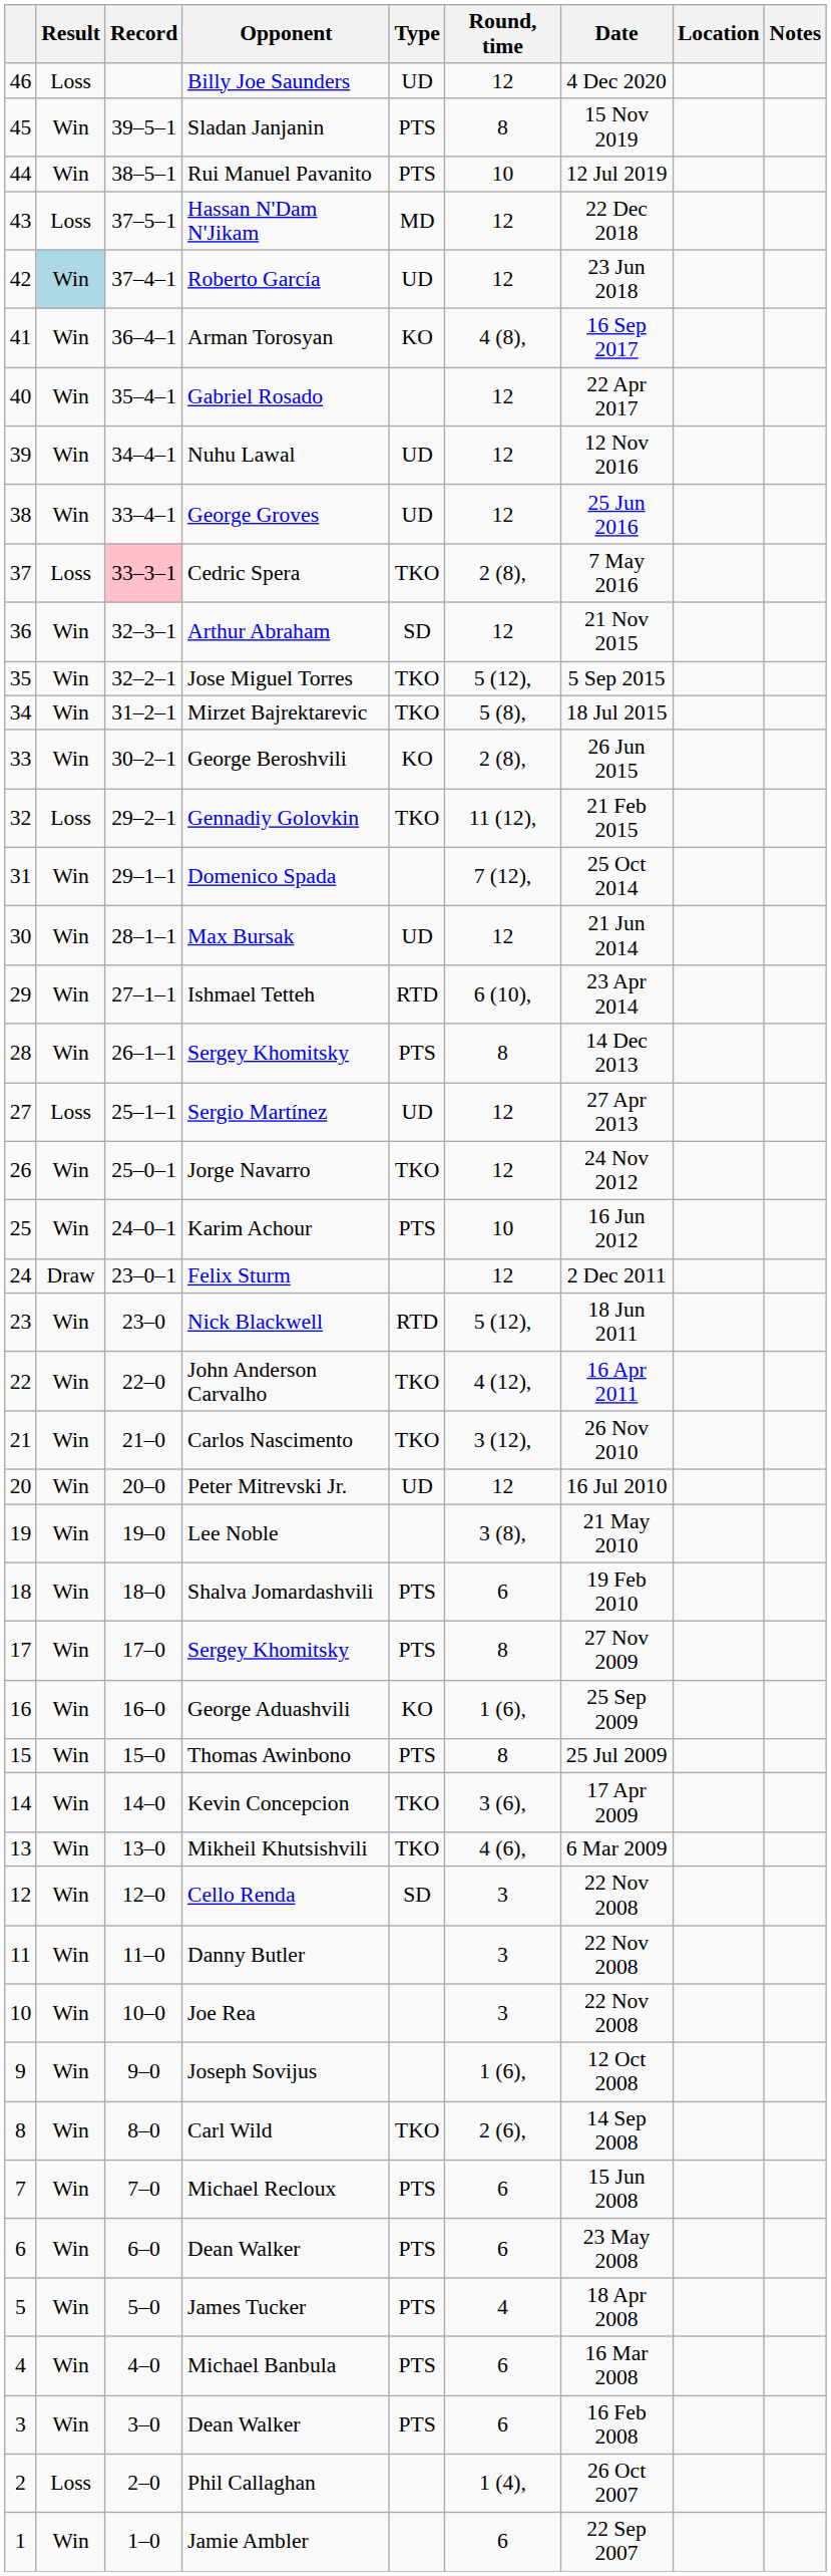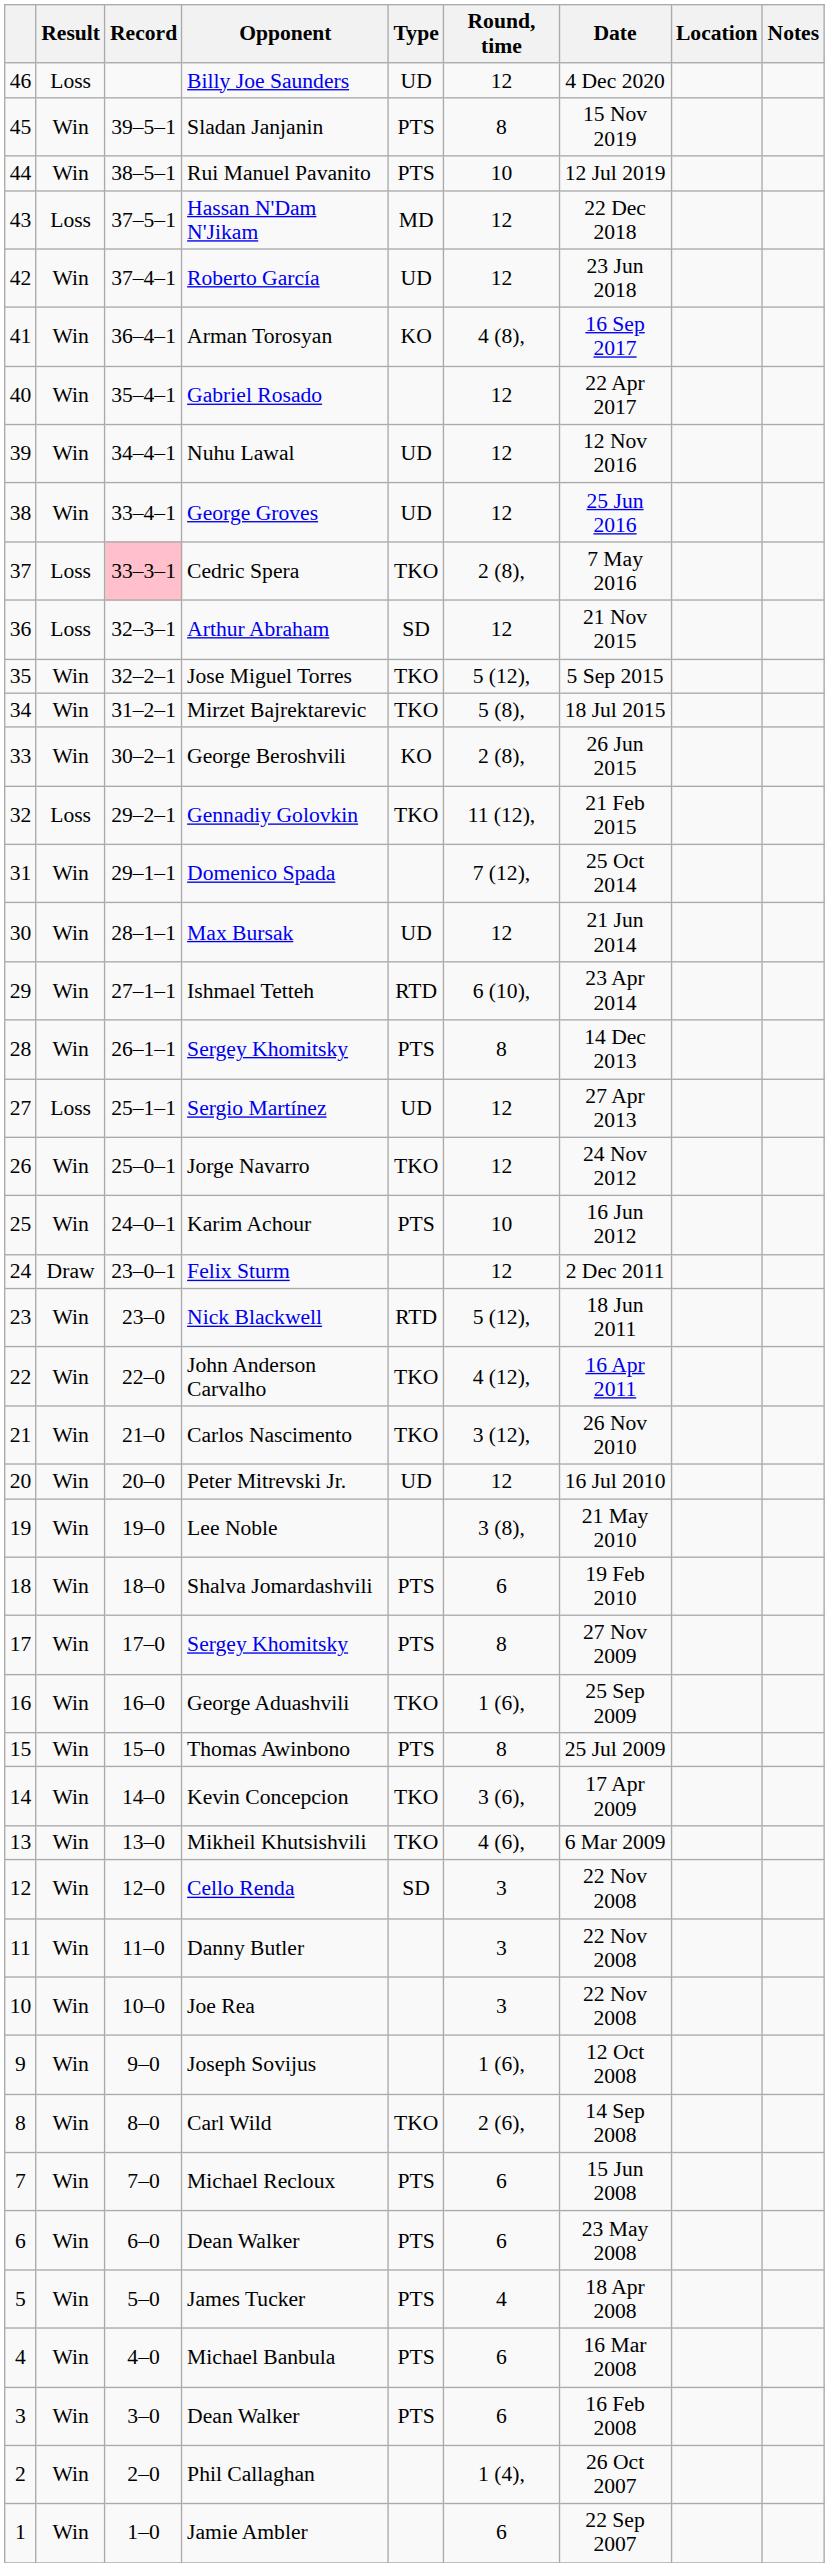 <table class="wikitable" style="text-align:center">
 <tr>
 <th></th>
 <th>Result</th>
 <th>Record</th>
 <th>Opponent</th>
 <th>Type</th>
 <th>Round, time</th>
 <th>Date</th>
 <th>Location</th>
 <th>Notes</th>
 </tr>
 <tr>
 <td>46</td>
 <td>Loss</td>
 <td></td>
 <td style="text-align:left;"><a href='#'>Billy Joe Saunders</a></td>
 <td>UD</td>
 <td>12</td>
 <td>4 Dec 2020</td>
 <td style="text-align:left;"></td>
 <td style="text-align:left;"></td>
 </tr>
 <tr>
 <td>45</td>
 <td>Win</td>
 <td>39–5–1</td>
 <td align=left>Sladan Janjanin</td>
 <td>PTS</td>
 <td>8</td>
 <td>15 Nov 2019</td>
 <td align=left></td>
 <td></td>
 </tr>
 <tr>
 <td>44</td>
 <td>Win</td>
 <td>38–5–1</td>
 <td style="text-align:left;">Rui Manuel Pavanito</td>
 <td>PTS</td>
 <td>10</td>
 <td>12 Jul 2019</td>
 <td style="text-align:left;"></td>
 <td style="text-align:left;"></td>
 </tr>
 <tr>
 <td>43</td>
 <td>Loss</td>
 <td>37–5–1</td>
 <td style="text-align:left;"><a href='#'>Hassan N'Dam N'Jikam</a></td>
 <td>MD</td>
 <td>12</td>
 <td>22 Dec 2018</td>
 <td style="text-align:left;"></td>
 <td style="text-align:left;"></td>
 </tr>
 <tr>
 <td>42</td>
-<td style="background: lightblue;">Win</td>
+<td>Win</td>
 <td>37–4–1</td>
 <td style="text-align:left;"><a href='#'>Roberto García</a></td>
 <td>UD</td>
 <td>12</td>
 <td>23 Jun 2018</td>
 <td style="text-align:left;"></td>
 <td style="text-align:left;"></td>
 </tr>
 <tr>
 <td>41</td>
 <td>Win</td>
 <td>36–4–1</td>
 <td style="text-align:left;">Arman Torosyan</td>
 <td>KO</td>
 <td>4 (8), </td>
 <td><a href='#'>16 Sep 2017</a></td>
 <td style="text-align:left;"></td>
 <td style="text-align:left;"></td>
 </tr>
 <tr>
 <td>40</td>
 <td>Win</td>
 <td>35–4–1</td>
 <td style="text-align:left;"><a href='#'>Gabriel Rosado</a></td>
 <td></td>
 <td>12</td>
 <td>22 Apr 2017</td>
 <td style="text-align:left;"></td>
 <td style="text-align:left;"></td>
 </tr>
 <tr>
 <td>39</td>
 <td>Win</td>
 <td>34–4–1</td>
 <td style="text-align:left;">Nuhu Lawal</td>
 <td>UD</td>
 <td>12</td>
 <td>12 Nov 2016</td>
 <td style="text-align:left;"></td>
 <td style="text-align:left;"></td>
 </tr>
 <tr>
 <td>38</td>
 <td>Win</td>
 <td>33–4–1</td>
 <td style="text-align:left;"><a href='#'>George Groves</a></td>
 <td>UD</td>
 <td>12</td>
 <td><a href='#'>25 Jun 2016</a></td>
 <td style="text-align:left;"></td>
 <td style="text-align:left;"></td>
 </tr>
 <tr>
 <td>37</td>
 <td>Loss</td>
 <td style="background: pink;">33–3–1</td>
 <td style="text-align:left;">Cedric Spera</td>
 <td>TKO</td>
 <td>2 (8), </td>
 <td>7 May 2016</td>
 <td style="text-align:left;"></td>
 <td></td>
 </tr>
 <tr>
 <td>36</td>
-<td>Win</td>
+<td>Loss</td>
 <td>32–3–1</td>
 <td style="text-align:left;"><a href='#'>Arthur Abraham</a></td>
 <td>SD</td>
 <td>12</td>
 <td>21 Nov 2015</td>
 <td style="text-align:left;"></td>
 <td style="text-align:left;"></td>
 </tr>
 <tr>
 <td>35</td>
 <td>Win</td>
 <td>32–2–1</td>
 <td style="text-align:left;">Jose Miguel Torres</td>
 <td>TKO</td>
 <td>5 (12), </td>
 <td>5 Sep 2015</td>
 <td style="text-align:left;"></td>
 <td style="text-align:left;"></td>
 </tr>
 <tr>
 <td>34</td>
 <td>Win</td>
 <td>31–2–1</td>
 <td style="text-align:left;">Mirzet Bajrektarevic</td>
 <td>TKO</td>
 <td>5 (8), </td>
 <td>18 Jul 2015</td>
 <td style="text-align:left;"></td>
 <td></td>
 </tr>
 <tr>
 <td>33</td>
 <td>Win</td>
 <td>30–2–1</td>
 <td style="text-align:left;">George Beroshvili</td>
 <td>KO</td>
 <td>2 (8), </td>
 <td>26 Jun 2015</td>
 <td style="text-align:left;"></td>
 <td></td>
 </tr>
 <tr>
 <td>32</td>
 <td>Loss</td>
 <td>29–2–1</td>
 <td style="text-align:left;"><a href='#'>Gennadiy Golovkin</a></td>
 <td>TKO</td>
 <td>11 (12), </td>
 <td>21 Feb 2015</td>
 <td style="text-align:left;"></td>
 <td style="text-align:left;"></td>
 </tr>
 <tr>
 <td>31</td>
 <td>Win</td>
 <td>29–1–1</td>
 <td style="text-align:left;"><a href='#'>Domenico Spada</a></td>
 <td></td>
 <td>7 (12), </td>
 <td>25 Oct 2014</td>
 <td style="text-align:left;"></td>
 <td style="text-align:left;"></td>
 </tr>
 <tr>
 <td>30</td>
 <td>Win</td>
 <td>28–1–1</td>
 <td style="text-align:left;"><a href='#'>Max Bursak</a></td>
 <td>UD</td>
 <td>12</td>
 <td>21 Jun 2014</td>
 <td style="text-align:left;"></td>
 <td style="text-align:left;"></td>
 </tr>
 <tr>
 <td>29</td>
 <td>Win</td>
 <td>27–1–1</td>
 <td style="text-align:left;">Ishmael Tetteh</td>
 <td>RTD</td>
 <td>6 (10), </td>
 <td>23 Apr 2014</td>
 <td style="text-align:left;"></td>
 <td></td>
 </tr>
 <tr>
 <td>28</td>
 <td>Win</td>
 <td>26–1–1</td>
 <td style="text-align:left;"><a href='#'>Sergey Khomitsky</a></td>
 <td>PTS</td>
 <td>8</td>
 <td>14 Dec 2013</td>
 <td style="text-align:left;"></td>
 <td></td>
 </tr>
 <tr>
 <td>27</td>
 <td>Loss</td>
 <td>25–1–1</td>
 <td style="text-align:left;"><a href='#'>Sergio Martínez</a></td>
 <td>UD</td>
 <td>12</td>
 <td>27 Apr 2013</td>
 <td style="text-align:left;"></td>
 <td style="text-align:left;"></td>
 </tr>
 <tr>
 <td>26</td>
 <td>Win</td>
 <td>25–0–1</td>
 <td style="text-align:left;">Jorge Navarro</td>
 <td>TKO</td>
 <td>12</td>
 <td>24 Nov 2012</td>
 <td style="text-align:left;"></td>
 <td style="text-align:left;"></td>
 </tr>
 <tr>
 <td>25</td>
 <td>Win</td>
 <td>24–0–1</td>
 <td style="text-align:left;">Karim Achour</td>
 <td>PTS</td>
 <td>10</td>
 <td>16 Jun 2012</td>
 <td style="text-align:left;"></td>
 <td></td>
 </tr>
 <tr>
 <td>24</td>
 <td>Draw</td>
 <td>23–0–1</td>
 <td style="text-align:left;"><a href='#'>Felix Sturm</a></td>
 <td></td>
 <td>12</td>
 <td>2 Dec 2011</td>
 <td style="text-align:left;"></td>
 <td style="text-align:left;"></td>
 </tr>
 <tr>
 <td>23</td>
 <td>Win</td>
 <td>23–0</td>
 <td style="text-align:left;"><a href='#'>Nick Blackwell</a></td>
 <td>RTD</td>
 <td>5 (12), </td>
 <td>18 Jun 2011</td>
 <td style="text-align:left;"></td>
 <td style="text-align:left;"></td>
 </tr>
 <tr>
 <td>22</td>
 <td>Win</td>
 <td>22–0</td>
 <td style="text-align:left;">John Anderson Carvalho</td>
 <td>TKO</td>
 <td>4 (12), </td>
 <td><a href='#'>16 Apr 2011</a></td>
 <td style="text-align:left;"></td>
 <td style="text-align:left;"></td>
 </tr>
 <tr>
 <td>21</td>
 <td>Win</td>
 <td>21–0</td>
 <td style="text-align:left;">Carlos Nascimento</td>
 <td>TKO</td>
 <td>3 (12), </td>
 <td>26 Nov 2010</td>
 <td style="text-align:left;"></td>
 <td style="text-align:left;"></td>
 </tr>
 <tr>
 <td>20</td>
 <td>Win</td>
 <td>20–0</td>
 <td style="text-align:left;">Peter Mitrevski Jr.</td>
 <td>UD</td>
 <td>12</td>
 <td>16 Jul 2010</td>
 <td style="text-align:left;"></td>
 <td style="text-align:left;"></td>
 </tr>
 <tr>
 <td>19</td>
 <td>Win</td>
 <td>19–0</td>
 <td style="text-align:left;">Lee Noble</td>
 <td></td>
 <td>3 (8), </td>
 <td>21 May 2010</td>
 <td style="text-align:left;"></td>
 <td></td>
 </tr>
 <tr>
 <td>18</td>
 <td>Win</td>
 <td>18–0</td>
 <td style="text-align:left;">Shalva Jomardashvili</td>
 <td>PTS</td>
 <td>6</td>
 <td>19 Feb 2010</td>
 <td style="text-align:left;"></td>
 <td></td>
 </tr>
 <tr>
 <td>17</td>
 <td>Win</td>
 <td>17–0</td>
 <td style="text-align:left;"><a href='#'>Sergey Khomitsky</a></td>
 <td>PTS</td>
 <td>8</td>
 <td>27 Nov 2009</td>
 <td style="text-align:left;"></td>
 <td></td>
 </tr>
 <tr>
 <td>16</td>
 <td>Win</td>
 <td>16–0</td>
 <td style="text-align:left;">George Aduashvili</td>
-<td>KO</td>
+<td>TKO</td>
 <td>1 (6), </td>
 <td>25 Sep 2009</td>
 <td style="text-align:left;"></td>
 <td></td>
 </tr>
 <tr>
 <td>15</td>
 <td>Win</td>
 <td>15–0</td>
 <td style="text-align:left;">Thomas Awinbono</td>
 <td>PTS</td>
 <td>8</td>
 <td>25 Jul 2009</td>
 <td style="text-align:left;"></td>
 <td></td>
 </tr>
 <tr>
 <td>14</td>
 <td>Win</td>
 <td>14–0</td>
 <td style="text-align:left;">Kevin Concepcion</td>
 <td>TKO</td>
 <td>3 (6), </td>
 <td>17 Apr 2009</td>
 <td style="text-align:left;"></td>
 <td></td>
 </tr>
 <tr>
 <td>13</td>
 <td>Win</td>
 <td>13–0</td>
 <td style="text-align:left;">Mikheil Khutsishvili</td>
 <td>TKO</td>
 <td>4 (6), </td>
 <td>6 Mar 2009</td>
 <td style="text-align:left;"></td>
 <td></td>
 </tr>
 <tr>
 <td>12</td>
 <td>Win</td>
 <td>12–0</td>
 <td style="text-align:left;"><a href='#'>Cello Renda</a></td>
 <td>SD</td>
 <td>3</td>
 <td>22 Nov 2008</td>
 <td style="text-align:left;"></td>
 <td style="text-align:left;"></td>
 </tr>
 <tr>
 <td>11</td>
 <td>Win</td>
 <td>11–0</td>
 <td style="text-align:left;">Danny Butler</td>
 <td></td>
 <td>3</td>
 <td>22 Nov 2008</td>
 <td style="text-align:left;"></td>
 <td style="text-align:left;"></td>
 </tr>
 <tr>
 <td>10</td>
 <td>Win</td>
 <td>10–0</td>
 <td style="text-align:left;">Joe Rea</td>
 <td></td>
 <td>3</td>
 <td>22 Nov 2008</td>
 <td style="text-align:left;"></td>
 <td style="text-align:left;"></td>
 </tr>
 <tr>
 <td>9</td>
 <td>Win</td>
 <td>9–0</td>
 <td style="text-align:left;">Joseph Sovijus</td>
 <td></td>
 <td>1 (6), </td>
 <td>12 Oct 2008</td>
 <td style="text-align:left;"></td>
 <td></td>
 </tr>
 <tr>
 <td>8</td>
 <td>Win</td>
 <td>8–0</td>
 <td style="text-align:left;">Carl Wild</td>
 <td>TKO</td>
 <td>2 (6), </td>
 <td>14 Sep 2008</td>
 <td style="text-align:left;"></td>
 <td></td>
 </tr>
 <tr>
 <td>7</td>
 <td>Win</td>
 <td>7–0</td>
 <td style="text-align:left;">Michael Recloux</td>
 <td>PTS</td>
 <td>6</td>
 <td>15 Jun 2008</td>
 <td style="text-align:left;"></td>
 <td></td>
 </tr>
 <tr>
 <td>6</td>
 <td>Win</td>
 <td>6–0</td>
 <td style="text-align:left;">Dean Walker</td>
 <td>PTS</td>
 <td>6</td>
 <td>23 May 2008</td>
 <td style="text-align:left;"></td>
 <td></td>
 </tr>
 <tr>
 <td>5</td>
 <td>Win</td>
 <td>5–0</td>
 <td style="text-align:left;">James Tucker</td>
 <td>PTS</td>
 <td>4</td>
 <td>18 Apr 2008</td>
 <td style="text-align:left;"></td>
 <td></td>
 </tr>
 <tr>
 <td>4</td>
 <td>Win</td>
 <td>4–0</td>
 <td style="text-align:left;">Michael Banbula</td>
 <td>PTS</td>
 <td>6</td>
 <td>16 Mar 2008</td>
 <td style="text-align:left;"></td>
 <td></td>
 </tr>
 <tr>
 <td>3</td>
 <td>Win</td>
 <td>3–0</td>
 <td style="text-align:left;">Dean Walker</td>
 <td>PTS</td>
 <td>6</td>
 <td>16 Feb 2008</td>
 <td style="text-align:left;"></td>
 <td></td>
 </tr>
 <tr>
 <td>2</td>
-<td>Loss</td>
+<td>Win</td>
 <td>2–0</td>
 <td style="text-align:left;">Phil Callaghan</td>
 <td></td>
 <td>1 (4), </td>
 <td>26 Oct 2007</td>
 <td style="text-align:left;"></td>
 <td></td>
 </tr>
 <tr>
 <td>1</td>
 <td>Win</td>
 <td>1–0</td>
 <td style="text-align:left;">Jamie Ambler</td>
 <td></td>
 <td>6</td>
 <td>22 Sep 2007</td>
 <td style="text-align:left;"></td>
 <td></td>
 </tr>
 </table>
